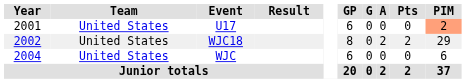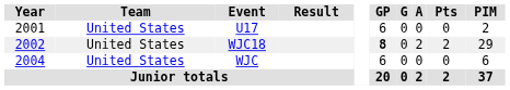 <table border="0" cellpadding="1" cellspacing="0" style="text-align:center; width:40em">
 <tr ALIGN="center" bgcolor="#e0e0e0">
 <th>Year</th>
 <th>Team</th>
 <th>Event</th>
 <th>Result</th>
 <th rowspan="99" bgcolor="#ffffff"> </th>
 <th>GP</th>
 <th>G</th>
 <th>A</th>
 <th>Pts</th>
 <th>PIM</th>
 </tr>
 <tr>
 <td>2001</td>
 <td><a href='#'>United States</a></td>
 <td><a href='#'>U17</a></td>
 <td></td>
 <td>6</td>
 <td>0</td>
 <td>0</td>
 <td>0</td>
-<td style="background: lightsalmon;">2</td>
+<td>2</td>
 </tr>
 <tr bgcolor="#f0f0f0">
 <td><a href='#'>2002</a></td>
 <td>United States</td>
 <td><a href='#'>WJC18</a></td>
 <td></td>
-<td>8</td>
+<td><strong>8</strong></td>
 <td>0</td>
 <td>2</td>
 <td>2</td>
 <td>29</td>
 </tr>
 <tr>
 <td><a href='#'>2004</a></td>
 <td><a href='#'>United States</a></td>
 <td><a href='#'>WJC</a></td>
 <td></td>
 <td>6</td>
 <td>0</td>
 <td>0</td>
 <td>0</td>
 <td>6</td>
 </tr>
 <tr bgcolor="#e0e0e0">
 <th colspan="4">Junior totals</th>
 <th>20</th>
 <th>0</th>
 <th>2</th>
 <th>2</th>
 <th>37</th>
 </tr>
 </table>
